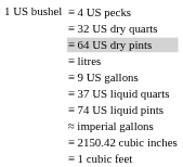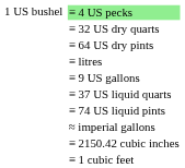 <table>
 <tr>
 <td rowspan=11 valign=top>1 US bushel </td>
 </tr>
 <tr>
-<td>≡ 4 US pecks</td>
+<td style="background: lightgreen;">≡ 4 US pecks</td>
 </tr>
 <tr>
 <td>≡ 32 US dry quarts</td>
 </tr>
 <tr>
-<td style="background: lightgrey;">≡ 64 US dry pints</td>
+<td>≡ 64 US dry pints</td>
 </tr>
 <tr>
 <td>≡  litres</td>
 </tr>
 <tr>
 <td>≡ 9 US gallons</td>
 </tr>
 <tr>
 <td>≡ 37 US liquid quarts</td>
 </tr>
 <tr>
 <td>≡ 74 US liquid pints</td>
 </tr>
 <tr>
 <td>≈  imperial gallons</td>
 </tr>
 <tr>
 <td>≡ 2150.42 cubic inches</td>
 </tr>
 <tr>
 <td>≡ 1 cubic feet</td>
 </tr>
 <tr>
 </tr>
 </table>
